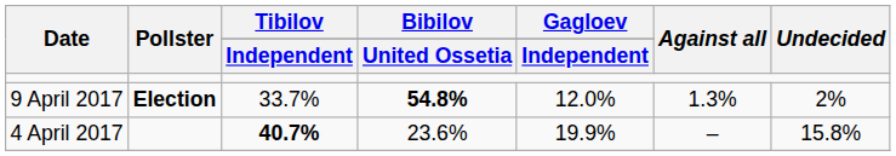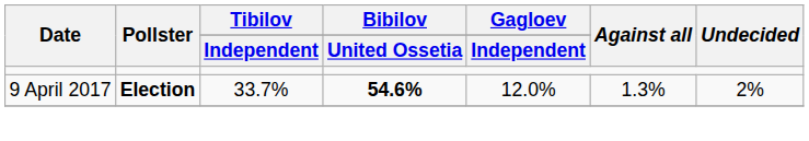 <table class=wikitable style=text-align:center>
 <tr>
 <th rowspan="3">Date</th>
 <th rowspan="3">Pollster</th>
 <th><a href='#'>Tibilov</a></th>
 <th><a href='#'>Bibilov</a></th>
 <th><a href='#'>Gagloev</a></th>
 <th rowspan="3"><em>Against all</em></th>
 <th rowspan="3"><em>Undecided</em></th>
 </tr>
 <tr>
 </tr>
 <tr>
 <th><a href='#'>Independent</a></th>
 <th><a href='#'>United Ossetia</a></th>
 <th><a href='#'>Independent</a></th>
 </tr>
 <tr>
 <td style="background:"></td>
 <td style="background:"></td>
 <td style="background:"></td>
 </tr>
 <tr>
 <td>9 April 2017</td>
 <td><strong>Election</strong></td>
 <td>33.7%</td>
-<td style="background:"><strong>54.8%</strong></td>
+<td style="background:"><strong>54.6%</strong></td>
 <td>12.0%</td>
 <td>1.3%</td>
 <td>2%</td>
 </tr>
 <tr>
-<td>4 April 2017</td>
-<td></td>
-<td style="background:"><strong>40.7%</strong></td>
-<td>23.6%</td>
-<td>19.9%</td>
-<td>–</td>
-<td>15.8%</td>
-</tr>
-<tr>
 </tr>
 </table>
